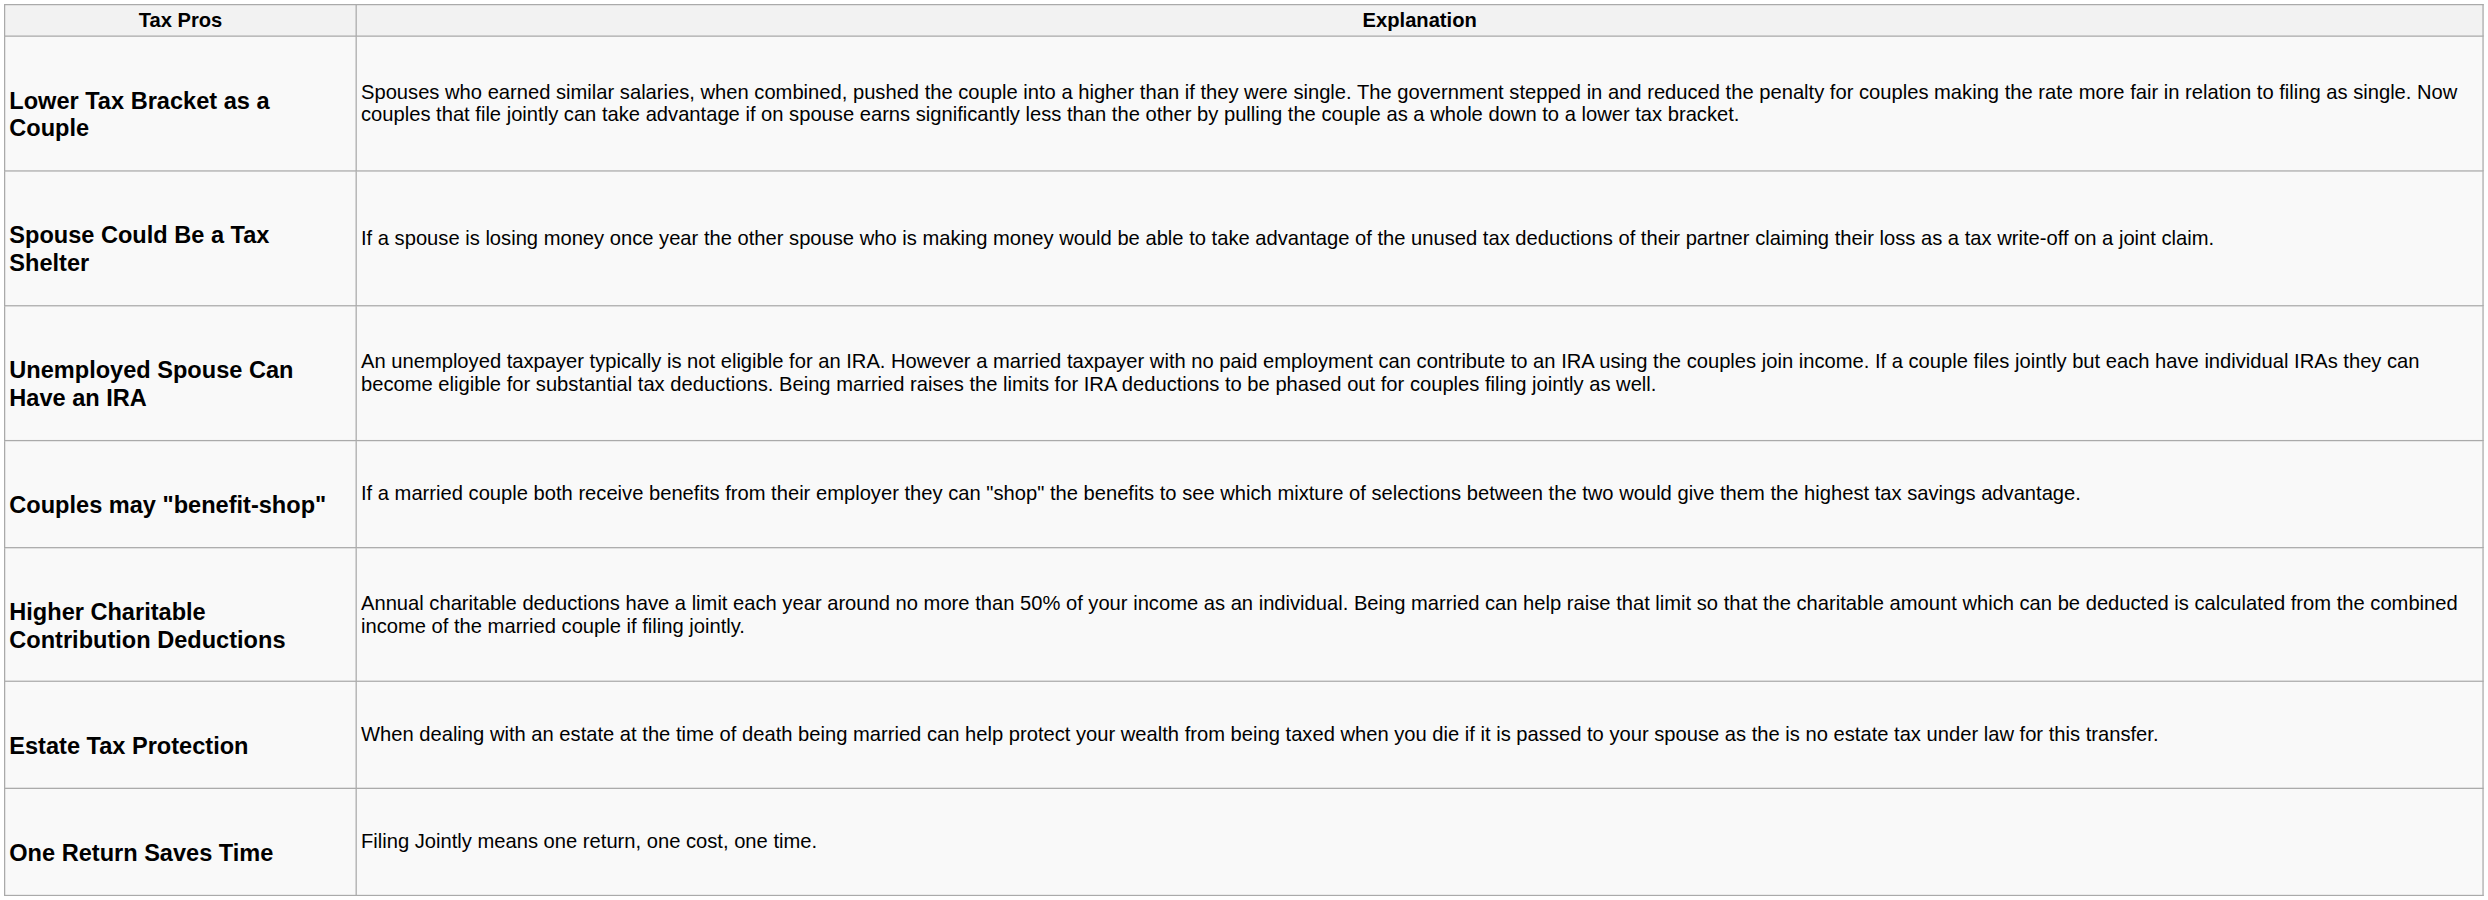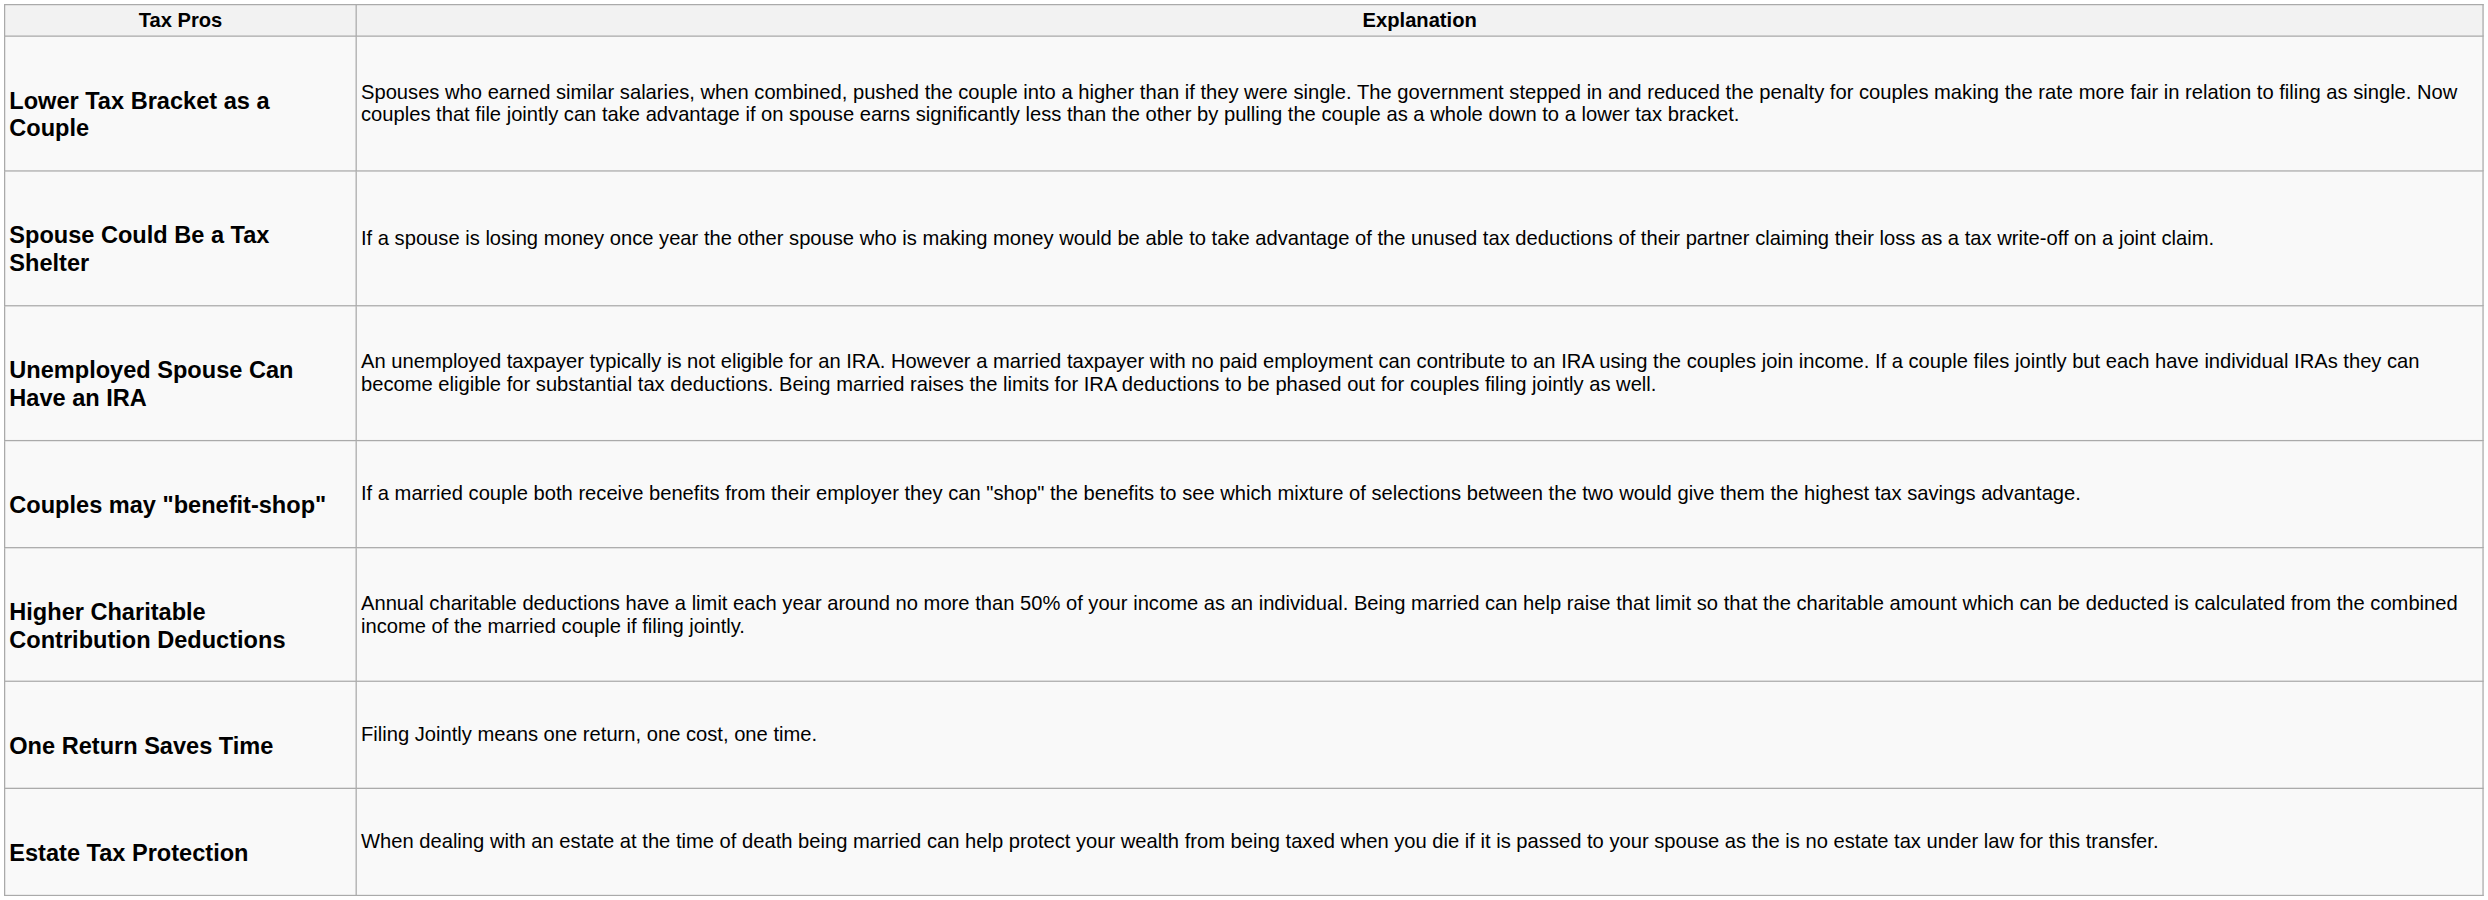 <table class="wikitable">
 <tr>
 <th>Tax Pros</th>
 <th>Explanation</th>
 </tr>
 <tr>
 <td><br><h3>Lower Tax Bracket as a Couple</h3></td>
 <td>Spouses who earned similar salaries, when combined, pushed the couple into a higher  than if they were single. The government stepped in and reduced the penalty for couples making the rate more fair in relation to filing as single. Now couples that file jointly can take advantage if on spouse earns significantly less than the other by pulling the couple as a whole down to a lower tax bracket.</td>
 </tr>
 <tr>
 <td><br><h3>Spouse Could Be a Tax Shelter</h3></td>
 <td>If a spouse is losing money once year the other spouse who is making money would be able to take advantage of the unused tax deductions of their partner claiming their loss as a tax write-off on a joint claim.</td>
 </tr>
 <tr>
 <td><br><h3>Unemployed Spouse Can Have an IRA</h3></td>
 <td>An unemployed taxpayer typically is not eligible for an IRA. However a married taxpayer with no paid employment can contribute to an IRA using the couples join income. If a couple files jointly but each have individual IRAs they can become eligible for substantial tax deductions. Being married raises the limits for IRA deductions to be phased out for couples filing jointly as well.</td>
 </tr>
 <tr>
 <td><br><h3>Couples may "benefit-shop"</h3></td>
 <td>If a married couple both receive benefits from their employer they can "shop" the benefits to see which mixture of selections between the two would give them the highest tax savings advantage.</td>
 </tr>
 <tr>
 <td><br><h3>Higher Charitable Contribution Deductions</h3></td>
 <td>Annual charitable deductions have a limit each year around no more than 50% of your income as an individual. Being married can help raise that limit so that the charitable amount which can be deducted is calculated from the combined income of the married couple if filing jointly.</td>
 </tr>
 <tr>
+<td><br><h3>One Return Saves Time</h3></td>
+<td>Filing Jointly means one return, one cost, one time.</td>
+</tr>
+<tr>
 <td><br><h3>Estate Tax Protection</h3></td>
 <td>When dealing with an estate at the time of death being married can help protect your wealth from being taxed when you die if it is passed to your spouse as the is no estate tax under law for this transfer.</td>
 </tr>
-<tr>
-<td><br><h3>One Return Saves Time</h3></td>
-<td>Filing Jointly means one return, one cost, one time.</td>
-</tr>
 </table>
